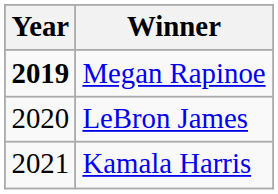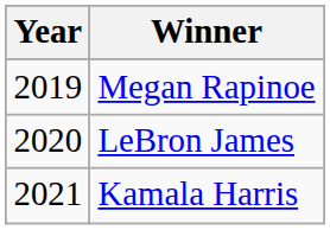 <table class="wikitable">
 <tr>
 <th>Year</th>
 <th>Winner</th>
 </tr>
 <tr>
-<td><strong>2019</strong></td>
+<td>2019</td>
 <td><a href='#'>Megan Rapinoe</a></td>
 </tr>
 <tr>
 <td>2020</td>
 <td><a href='#'>LeBron James</a></td>
 </tr>
 <tr>
 <td>2021</td>
 <td><a href='#'>Kamala Harris</a></td>
 </tr>
 </table>
